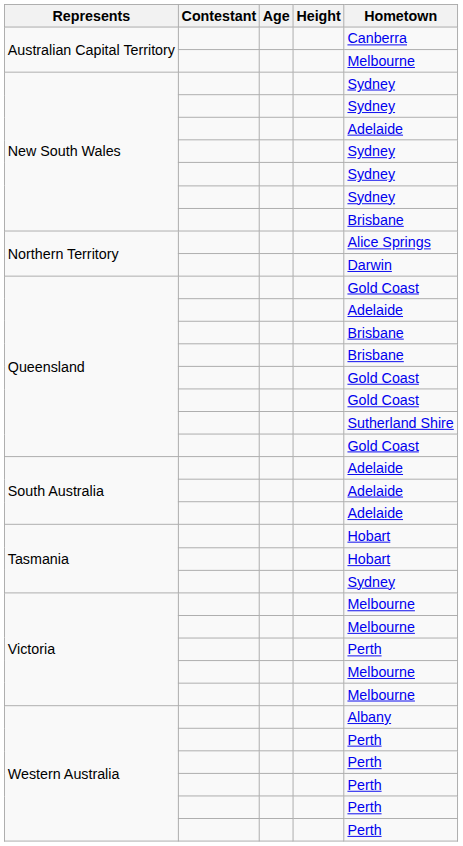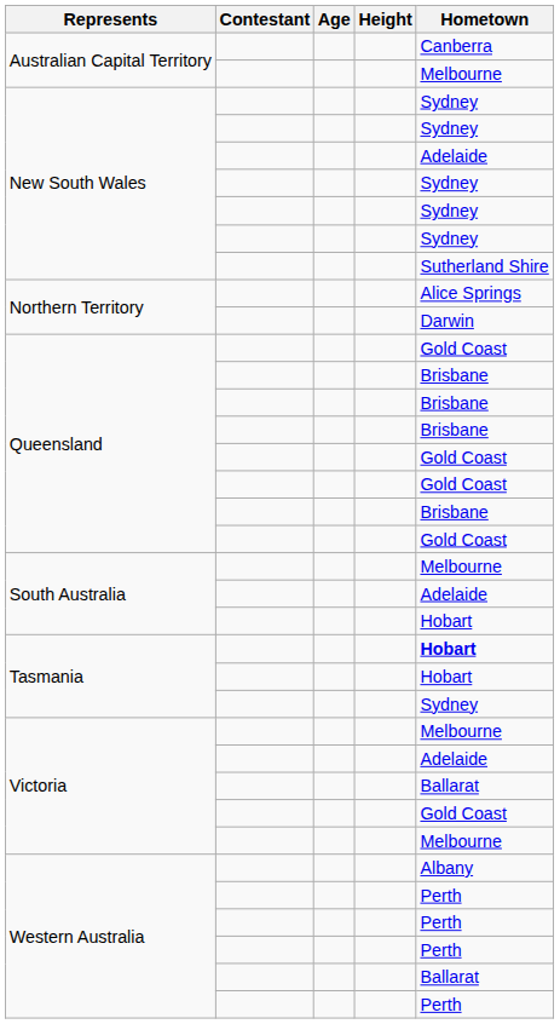 <table class="wikitable sortable" style="font-size: 95%;">
 <tr>
 <th>Represents</th>
 <th>Contestant</th>
 <th>Age</th>
 <th>Height</th>
 <th>Hometown</th>
 </tr>
 <tr>
 <td rowspan="2">Australian Capital Territory</td>
 <td></td>
 <td></td>
 <td></td>
 <td><a href='#'>Canberra</a></td>
 </tr>
 <tr>
 <td></td>
 <td></td>
 <td></td>
 <td><a href='#'>Melbourne</a></td>
 </tr>
 <tr>
 <td rowspan="7">New South Wales</td>
 <td></td>
 <td></td>
 <td></td>
 <td><a href='#'>Sydney</a></td>
 </tr>
 <tr>
 <td></td>
 <td></td>
 <td></td>
 <td><a href='#'>Sydney</a></td>
 </tr>
 <tr>
 <td></td>
 <td></td>
 <td></td>
 <td><a href='#'>Adelaide</a></td>
 </tr>
 <tr>
 <td></td>
 <td></td>
 <td></td>
 <td><a href='#'>Sydney</a></td>
 </tr>
 <tr>
 <td></td>
 <td></td>
 <td></td>
 <td><a href='#'>Sydney</a></td>
 </tr>
 <tr>
 <td></td>
 <td></td>
 <td></td>
 <td><a href='#'>Sydney</a></td>
 </tr>
 <tr>
 <td></td>
 <td></td>
 <td></td>
-<td><a href='#'>Brisbane</a></td>
+<td><a href='#'>Sutherland Shire</a></td>
 </tr>
 <tr>
 <td rowspan="2">Northern Territory</td>
 <td></td>
 <td></td>
 <td></td>
 <td><a href='#'>Alice Springs</a></td>
 </tr>
 <tr>
 <td></td>
 <td></td>
 <td></td>
 <td><a href='#'>Darwin</a></td>
 </tr>
 <tr>
 <td rowspan="8">Queensland</td>
 <td></td>
 <td></td>
 <td></td>
 <td><a href='#'>Gold Coast</a></td>
 </tr>
 <tr>
 <td></td>
 <td></td>
 <td></td>
-<td><a href='#'>Adelaide</a></td>
+<td><a href='#'>Brisbane</a></td>
 </tr>
 <tr>
 <td></td>
 <td></td>
 <td></td>
 <td><a href='#'>Brisbane</a></td>
 </tr>
 <tr>
 <td></td>
 <td></td>
 <td></td>
 <td><a href='#'>Brisbane</a></td>
 </tr>
 <tr>
 <td></td>
 <td></td>
 <td></td>
 <td><a href='#'>Gold Coast</a></td>
 </tr>
 <tr>
 <td></td>
 <td></td>
 <td></td>
 <td><a href='#'>Gold Coast</a></td>
 </tr>
 <tr>
 <td></td>
 <td></td>
 <td></td>
-<td><a href='#'>Sutherland Shire</a></td>
+<td><a href='#'>Brisbane</a></td>
 </tr>
 <tr>
 <td></td>
 <td></td>
 <td></td>
 <td><a href='#'>Gold Coast</a></td>
 </tr>
 <tr>
 <td rowspan="3">South Australia</td>
 <td></td>
 <td></td>
 <td></td>
-<td><a href='#'>Adelaide</a></td>
+<td><a href='#'>Melbourne</a></td>
 </tr>
 <tr>
 <td></td>
 <td></td>
 <td></td>
 <td><a href='#'>Adelaide</a></td>
 </tr>
 <tr>
 <td></td>
 <td></td>
 <td></td>
-<td><a href='#'>Adelaide</a></td>
+<td><a href='#'>Hobart</a></td>
 </tr>
 <tr>
 <td rowspan="3">Tasmania</td>
 <td></td>
 <td></td>
 <td></td>
-<td><a href='#'>Hobart</a></td>
+<td><strong><a href='#'>Hobart</a></strong></td>
 </tr>
 <tr>
 <td></td>
 <td></td>
 <td></td>
 <td><a href='#'>Hobart</a></td>
 </tr>
 <tr>
 <td></td>
 <td></td>
 <td></td>
 <td><a href='#'>Sydney</a></td>
 </tr>
 <tr>
 <td rowspan="5">Victoria</td>
 <td></td>
 <td></td>
 <td></td>
 <td><a href='#'>Melbourne</a></td>
 </tr>
 <tr>
 <td></td>
 <td></td>
 <td></td>
-<td><a href='#'>Melbourne</a></td>
+<td><a href='#'>Adelaide</a></td>
 </tr>
 <tr>
 <td></td>
 <td></td>
 <td></td>
-<td><a href='#'>Perth</a></td>
+<td><a href='#'>Ballarat</a></td>
 </tr>
 <tr>
 <td></td>
 <td></td>
 <td></td>
-<td><a href='#'>Melbourne</a></td>
+<td><a href='#'>Gold Coast</a></td>
 </tr>
 <tr>
 <td></td>
 <td></td>
 <td></td>
 <td><a href='#'>Melbourne</a></td>
 </tr>
 <tr>
 <td rowspan="6">Western Australia</td>
 <td></td>
 <td></td>
 <td></td>
 <td><a href='#'>Albany</a></td>
 </tr>
 <tr>
 <td></td>
 <td></td>
 <td></td>
 <td><a href='#'>Perth</a></td>
 </tr>
 <tr>
 <td></td>
 <td></td>
 <td></td>
 <td><a href='#'>Perth</a></td>
 </tr>
 <tr>
 <td></td>
 <td></td>
 <td></td>
 <td><a href='#'>Perth</a></td>
 </tr>
 <tr>
 <td></td>
 <td></td>
 <td></td>
-<td><a href='#'>Perth</a></td>
+<td><a href='#'>Ballarat</a></td>
 </tr>
 <tr>
 <td></td>
 <td></td>
 <td></td>
 <td><a href='#'>Perth</a></td>
 </tr>
 </table>
